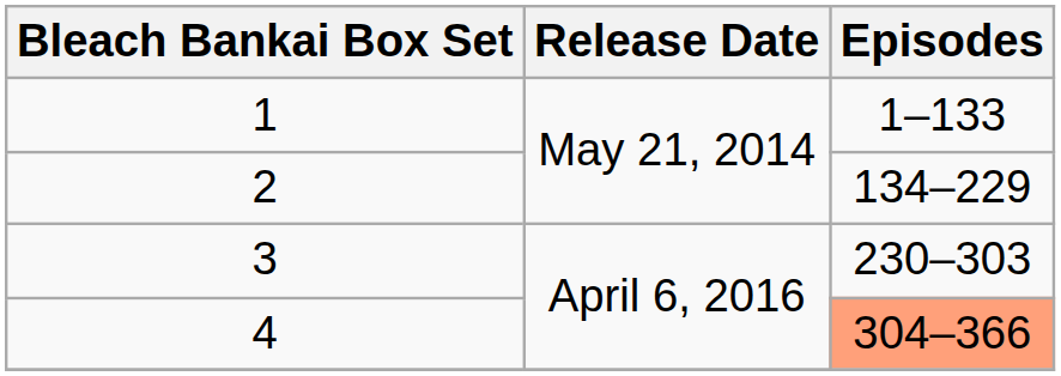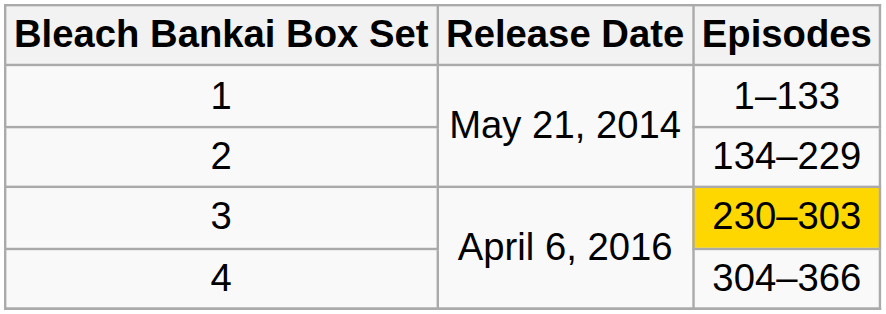 <table class="wikitable" style="text-align:center;">
 <tr>
 <th>Bleach Bankai Box Set</th>
 <th>Release Date</th>
 <th>Episodes</th>
 </tr>
 <tr>
 <td>1</td>
 <td rowspan="2">May 21, 2014</td>
 <td>1–133</td>
 </tr>
 <tr>
 <td>2</td>
 <td>134–229</td>
 </tr>
 <tr>
 <td>3</td>
 <td rowspan="2">April 6, 2016</td>
-<td>230–303</td>
+<td style="background: gold;">230–303</td>
 </tr>
 <tr>
 <td>4</td>
-<td style="background: lightsalmon;">304–366</td>
+<td>304–366</td>
 </tr>
 <tr>
 </tr>
 </table>
